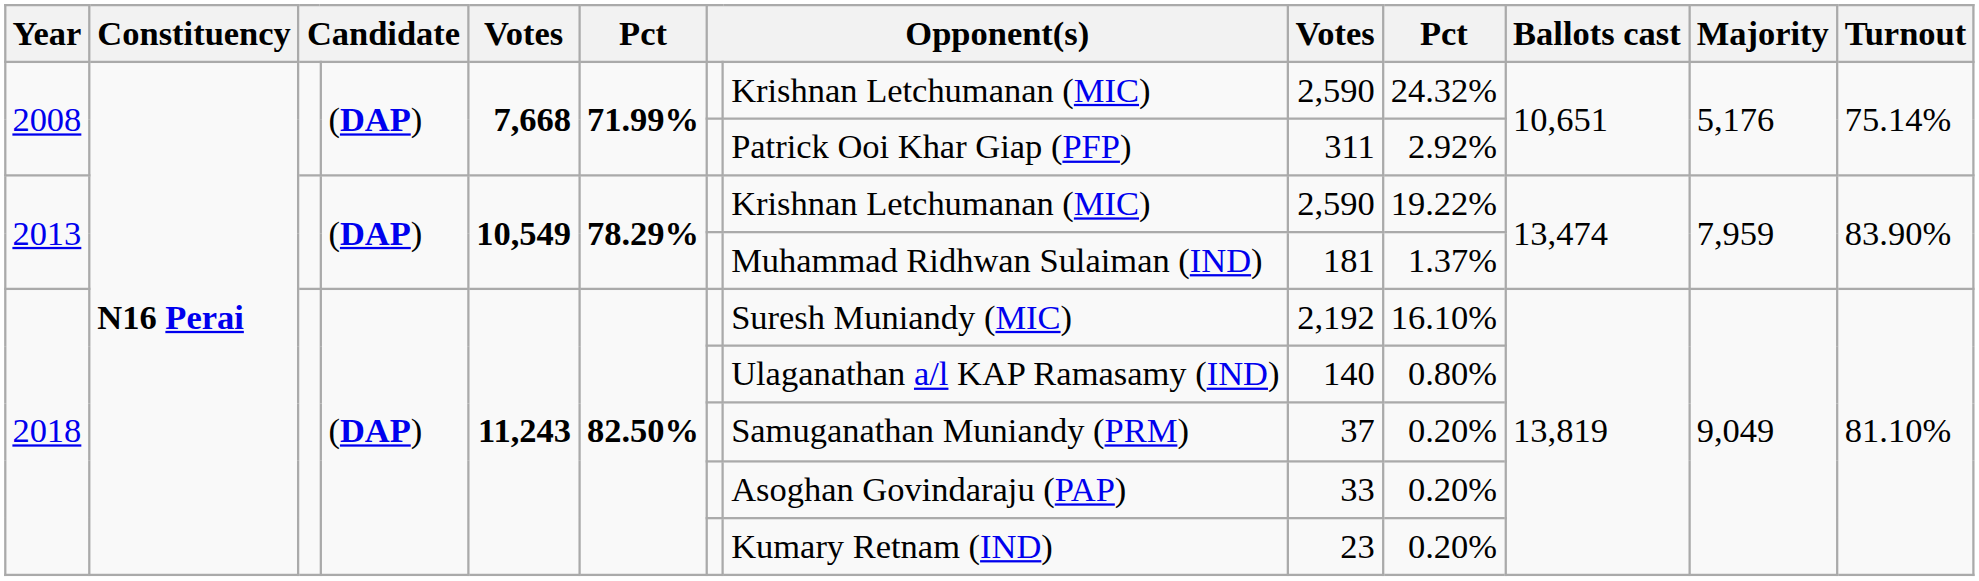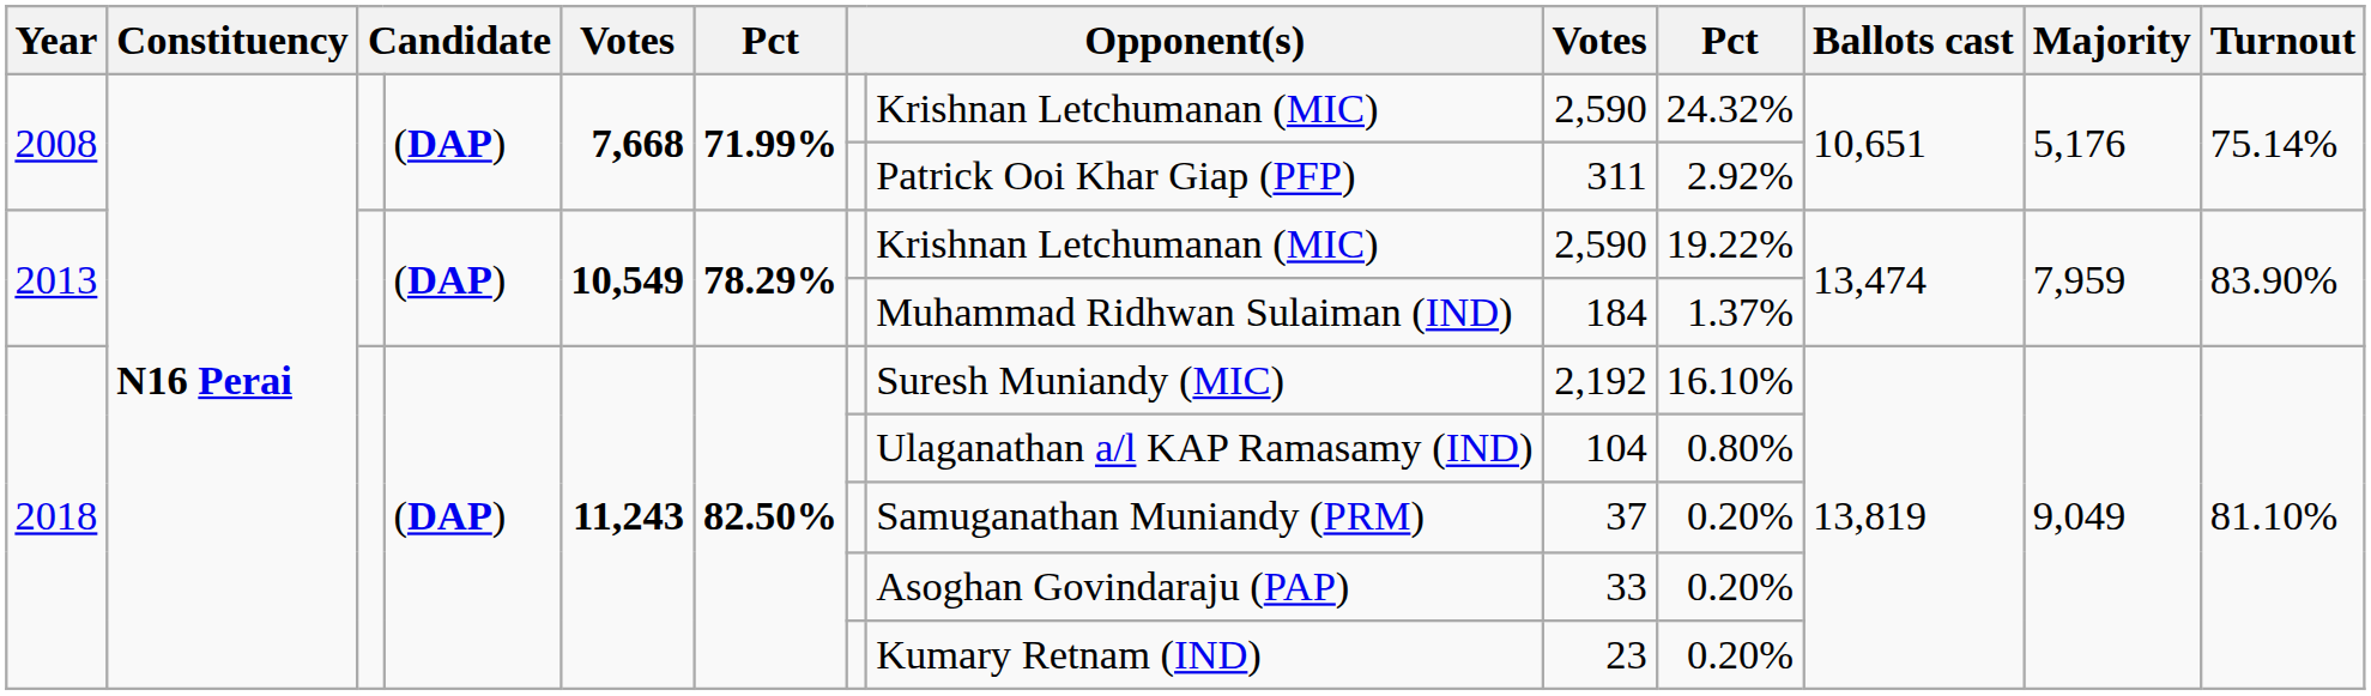 <table class="wikitable" style="margin:0.5em ; font-size:95%">
 <tr>
 <th>Year</th>
 <th>Constituency</th>
 <th colspan=2>Candidate</th>
 <th>Votes</th>
 <th>Pct</th>
 <th colspan=2>Opponent(s)</th>
 <th>Votes</th>
 <th>Pct</th>
 <th>Ballots cast</th>
 <th>Majority</th>
 <th>Turnout</th>
 </tr>
 <tr>
 <td rowspan=2><a href='#'>2008</a></td>
 <td rowspan="9"><strong>N16 <a href='#'>Perai</a></strong></td>
 <td rowspan=2 ></td>
 <td rowspan=2> (<a href='#'><strong>DAP</strong></a>)</td>
 <td rowspan=2 align="right"><strong>7,668</strong></td>
 <td rowspan=2><strong>71.99%</strong></td>
 <td></td>
 <td>Krishnan Letchumanan (<a href='#'>MIC</a>)</td>
 <td align="right">2,590</td>
 <td>24.32%</td>
 <td rowspan=2>10,651</td>
 <td rowspan=2>5,176</td>
 <td rowspan=2>75.14%</td>
 </tr>
 <tr>
 <td></td>
 <td>Patrick Ooi Khar Giap (<a href='#'>PFP</a>)</td>
 <td align="right">311</td>
 <td align="right">2.92%</td>
 </tr>
 <tr>
 <td rowspan=2><a href='#'>2013</a></td>
 <td rowspan=2 ></td>
 <td rowspan=2> (<a href='#'><strong>DAP</strong></a>)</td>
 <td rowspan=2 align="right"><strong>10,549</strong></td>
 <td rowspan=2><strong>78.29%</strong></td>
 <td></td>
 <td>Krishnan Letchumanan (<a href='#'>MIC</a>)</td>
 <td align="right">2,590</td>
 <td>19.22%</td>
 <td rowspan=2>13,474</td>
 <td rowspan=2>7,959</td>
 <td rowspan=2>83.90%</td>
 </tr>
 <tr>
 <td></td>
 <td>Muhammad Ridhwan Sulaiman (<a href='#'>IND</a>)</td>
-<td align="right">181</td>
+<td align="right">184</td>
 <td align="right">1.37%</td>
 </tr>
 <tr>
 <td rowspan="5"><a href='#'>2018</a></td>
 <td rowspan="5" ></td>
 <td rowspan="5"> (<a href='#'><strong>DAP</strong></a>)</td>
 <td rowspan="5"  align="right"><strong>11,243</strong></td>
 <td rowspan="5"><strong>82.50%</strong></td>
 <td></td>
 <td>Suresh Muniandy (<a href='#'>MIC</a>)</td>
 <td align="right">2,192</td>
 <td>16.10%</td>
 <td rowspan="5">13,819</td>
 <td rowspan="5">9,049</td>
 <td rowspan="5">81.10%</td>
 </tr>
 <tr>
 <td bgcolor=></td>
 <td>Ulaganathan <a href='#'>a/l</a> KAP Ramasamy (<a href='#'>IND</a>)</td>
-<td align="right">140</td>
+<td align="right">104</td>
 <td align="right">0.80%</td>
 </tr>
 <tr>
 <td bgcolor=></td>
 <td>Samuganathan Muniandy (<a href='#'>PRM</a>)</td>
 <td align="right">37</td>
 <td align="right">0.20%</td>
 </tr>
 <tr>
 <td bgcolor=></td>
 <td>Asoghan Govindaraju (<a href='#'>PAP</a>)</td>
 <td align="right">33</td>
 <td align="right">0.20%</td>
 </tr>
 <tr>
 <td></td>
 <td>Kumary Retnam (<a href='#'>IND</a>)</td>
 <td align="right">23</td>
 <td align="right">0.20%</td>
 </tr>
 </table>
